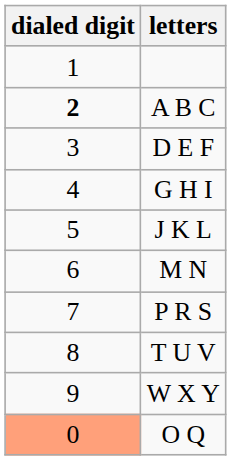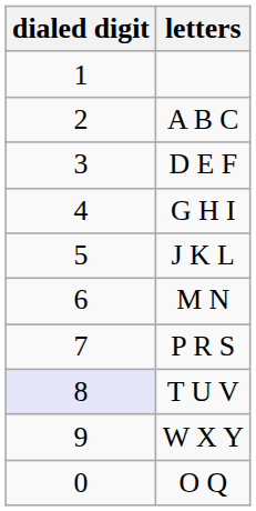 <table class="wikitable" style="float:right; text-align:center;">
 <tr>
 <th>dialed digit</th>
 <th>letters</th>
 </tr>
 <tr>
 <td>1</td>
 <td></td>
 </tr>
 <tr>
-<td><strong>2</strong></td>
+<td>2</td>
 <td>A B C</td>
 </tr>
 <tr>
 <td>3</td>
 <td>D E F</td>
 </tr>
 <tr>
 <td>4</td>
 <td>G H I</td>
 </tr>
 <tr>
 <td>5</td>
 <td>J K L</td>
 </tr>
 <tr>
 <td>6</td>
 <td>M N</td>
 </tr>
 <tr>
 <td>7</td>
 <td>P R S</td>
 </tr>
 <tr>
-<td>8</td>
+<td style="background: lavender;">8</td>
 <td>T U V</td>
 </tr>
 <tr>
 <td>9</td>
 <td>W X Y</td>
 </tr>
 <tr>
-<td style="background: lightsalmon;">0</td>
+<td>0</td>
 <td>O Q</td>
 </tr>
 </table>
